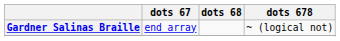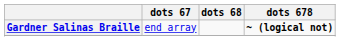 <table class="wikitable">
 <tr>
 <th></th>
 <th>dots 67</th>
 <th>dots 68</th>
 <th>dots 678</th>
 </tr>
 <tr>
 <th align=left><a href='#'>Gardner Salinas Braille</a></th>
 <td><a href='#'>end array</a></td>
 <td></td>
-<td>~ (logical not)</td>
+<td><strong>~ (logical not)</strong></td>
 </tr>
 <tr>
 </tr>
 <tr>
 </tr>
 </table>
